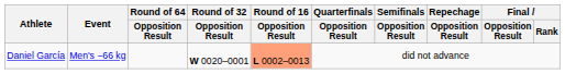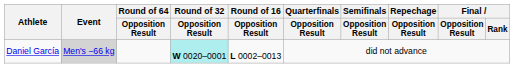 <table class="wikitable" style="font-size:90%">
 <tr>
 <th rowspan="2">Athlete</th>
 <th rowspan="2">Event</th>
 <th>Round of 64</th>
 <th>Round of 32</th>
 <th>Round of 16</th>
 <th>Quarterfinals</th>
 <th>Semifinals</th>
 <th>Repechage</th>
 <th colspan=2>Final / </th>
 </tr>
 <tr style="font-size:95%">
 <th>Opposition<br>Result</th>
 <th>Opposition<br>Result</th>
 <th>Opposition<br>Result</th>
 <th>Opposition<br>Result</th>
 <th>Opposition<br>Result</th>
 <th>Opposition<br>Result</th>
 <th>Opposition<br>Result</th>
 <th>Rank</th>
 </tr>
 <tr align=center>
 <td align=left><a href='#'>Daniel García</a></td>
-<td align=left><a href='#'>Men's −66 kg</a></td>
+<td align=left style="background: lightgrey;"><a href='#'>Men's −66 kg</a></td>
 <td></td>
-<td><br><strong>W</strong> 0020–0001</td>
-<td style="background: lightsalmon;"><br><strong>L</strong> 0002–0013</td>
+<td style="background: paleturquoise;"><br><strong>W</strong> 0020–0001</td>
+<td><br><strong>L</strong> 0002–0013</td>
 <td colspan=5>did not advance</td>
 </tr>
 </table>
